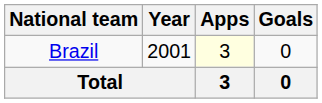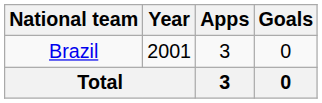 <table class="wikitable" style="text-align:center">
 <tr>
 <th>National team</th>
 <th>Year</th>
 <th>Apps</th>
 <th>Goals</th>
 </tr>
 <tr>
 <td><a href='#'>Brazil</a></td>
 <td>2001</td>
-<td style="background: lightyellow;">3</td>
+<td>3</td>
 <td>0</td>
 </tr>
 <tr>
 <th colspan="2">Total</th>
 <th>3</th>
 <th>0</th>
 </tr>
 </table>
